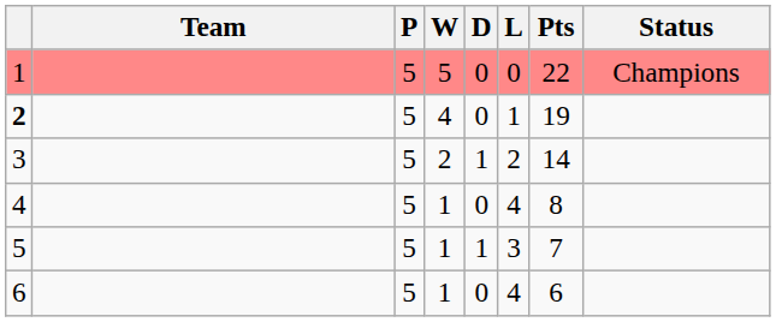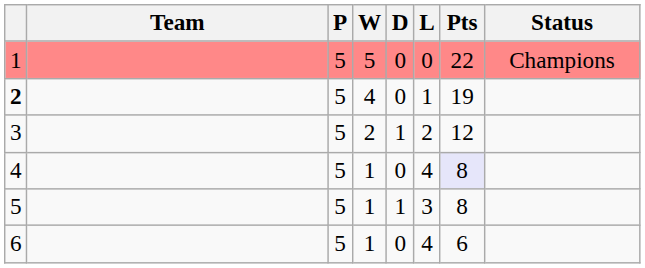 <table class="wikitable" style="text-align:center;">
 <tr>
 <th></th>
 <th width="200px">Team</th>
 <th>P</th>
 <th>W</th>
 <th>D</th>
 <th>L</th>
 <th width="23px">Pts</th>
 <th width="100px">Status</th>
 </tr>
 <tr bgcolor="#FF8888">
 <td>1</td>
 <td></td>
 <td>5</td>
 <td>5</td>
 <td>0</td>
 <td>0</td>
 <td>22</td>
 <td>Champions</td>
 </tr>
 <tr>
 <td><strong>2</strong></td>
 <td></td>
 <td>5</td>
 <td>4</td>
 <td>0</td>
 <td>1</td>
 <td>19</td>
 <td></td>
 </tr>
 <tr>
 <td>3</td>
 <td></td>
 <td>5</td>
 <td>2</td>
 <td>1</td>
 <td>2</td>
-<td>14</td>
+<td>12</td>
 <td></td>
 </tr>
 <tr>
 <td>4</td>
 <td></td>
 <td>5</td>
 <td>1</td>
 <td>0</td>
 <td>4</td>
-<td>8</td>
+<td style="background: lavender;">8</td>
 <td></td>
 </tr>
 <tr>
 <td>5</td>
 <td></td>
 <td>5</td>
 <td>1</td>
 <td>1</td>
 <td>3</td>
-<td>7</td>
+<td>8</td>
 </tr>
 <tr>
 <td>6</td>
 <td></td>
 <td>5</td>
 <td>1</td>
 <td>0</td>
 <td>4</td>
 <td>6</td>
 <td></td>
 </tr>
 </table>
